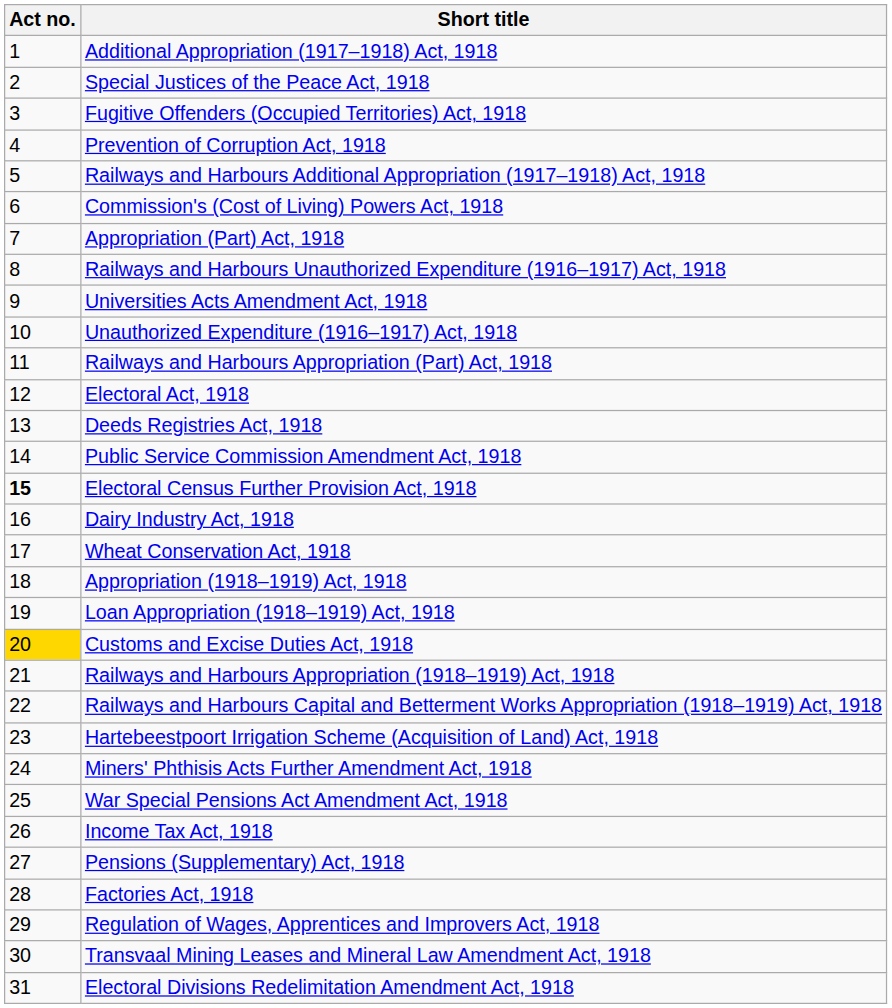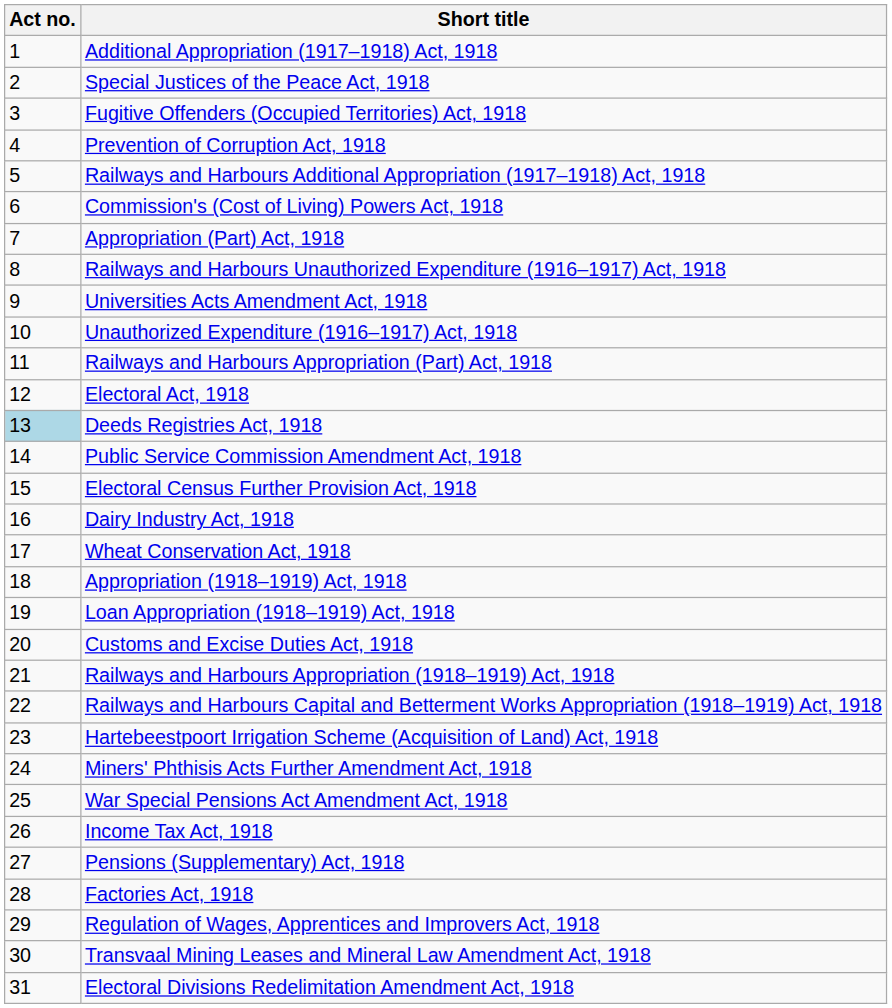 <table class="wikitable sortable">
 <tr>
 <th>Act no.</th>
 <th>Short title</th>
 </tr>
 <tr>
 <td>1</td>
 <td><a href='#'>Additional Appropriation (1917–1918) Act, 1918</a></td>
 </tr>
 <tr>
 <td>2</td>
 <td><a href='#'>Special Justices of the Peace Act, 1918</a></td>
 </tr>
 <tr>
 <td>3</td>
 <td><a href='#'>Fugitive Offenders (Occupied Territories) Act, 1918</a></td>
 </tr>
 <tr>
 <td>4</td>
 <td><a href='#'>Prevention of Corruption Act, 1918</a></td>
 </tr>
 <tr>
 <td>5</td>
 <td><a href='#'>Railways and Harbours Additional Appropriation (1917–1918) Act, 1918</a></td>
 </tr>
 <tr>
 <td>6</td>
 <td><a href='#'>Commission's (Cost of Living) Powers Act, 1918</a></td>
 </tr>
 <tr>
 <td>7</td>
 <td><a href='#'>Appropriation (Part) Act, 1918</a></td>
 </tr>
 <tr>
 <td>8</td>
 <td><a href='#'>Railways and Harbours Unauthorized Expenditure (1916–1917) Act, 1918</a></td>
 </tr>
 <tr>
 <td>9</td>
 <td><a href='#'>Universities Acts Amendment Act, 1918</a></td>
 </tr>
 <tr>
 <td>10</td>
 <td><a href='#'>Unauthorized Expenditure (1916–1917) Act, 1918</a></td>
 </tr>
 <tr>
 <td>11</td>
 <td><a href='#'>Railways and Harbours Appropriation (Part) Act, 1918</a></td>
 </tr>
 <tr>
 <td>12</td>
 <td><a href='#'>Electoral Act, 1918</a></td>
 </tr>
 <tr>
-<td>13</td>
+<td style="background: lightblue;">13</td>
 <td><a href='#'>Deeds Registries Act, 1918</a></td>
 </tr>
 <tr>
 <td>14</td>
 <td><a href='#'>Public Service Commission Amendment Act, 1918</a></td>
 </tr>
 <tr>
-<td><strong>15</strong></td>
+<td>15</td>
 <td><a href='#'>Electoral Census Further Provision Act, 1918</a></td>
 </tr>
 <tr>
 <td>16</td>
 <td><a href='#'>Dairy Industry Act, 1918</a></td>
 </tr>
 <tr>
 <td>17</td>
 <td><a href='#'>Wheat Conservation Act, 1918</a></td>
 </tr>
 <tr>
 <td>18</td>
 <td><a href='#'>Appropriation (1918–1919) Act, 1918</a></td>
 </tr>
 <tr>
 <td>19</td>
 <td><a href='#'>Loan Appropriation (1918–1919) Act, 1918</a></td>
 </tr>
 <tr>
-<td style="background: gold;">20</td>
+<td>20</td>
 <td><a href='#'>Customs and Excise Duties Act, 1918</a></td>
 </tr>
 <tr>
 <td>21</td>
 <td><a href='#'>Railways and Harbours Appropriation (1918–1919) Act, 1918</a></td>
 </tr>
 <tr>
 <td>22</td>
 <td><a href='#'>Railways and Harbours Capital and Betterment Works Appropriation (1918–1919) Act, 1918</a></td>
 </tr>
 <tr>
 <td>23</td>
 <td><a href='#'>Hartebeestpoort Irrigation Scheme (Acquisition of Land) Act, 1918</a></td>
 </tr>
 <tr>
 <td>24</td>
 <td><a href='#'>Miners' Phthisis Acts Further Amendment Act, 1918</a></td>
 </tr>
 <tr>
 <td>25</td>
 <td><a href='#'>War Special Pensions Act Amendment Act, 1918</a></td>
 </tr>
 <tr>
 <td>26</td>
 <td><a href='#'>Income Tax Act, 1918</a></td>
 </tr>
 <tr>
 <td>27</td>
 <td><a href='#'>Pensions (Supplementary) Act, 1918</a></td>
 </tr>
 <tr>
 <td>28</td>
 <td><a href='#'>Factories Act, 1918</a></td>
 </tr>
 <tr>
 <td>29</td>
 <td><a href='#'>Regulation of Wages, Apprentices and Improvers Act, 1918</a></td>
 </tr>
 <tr>
 <td>30</td>
 <td><a href='#'>Transvaal Mining Leases and Mineral Law Amendment Act, 1918</a></td>
 </tr>
 <tr>
 <td>31</td>
 <td><a href='#'>Electoral Divisions Redelimitation Amendment Act, 1918</a></td>
 </tr>
 </table>
